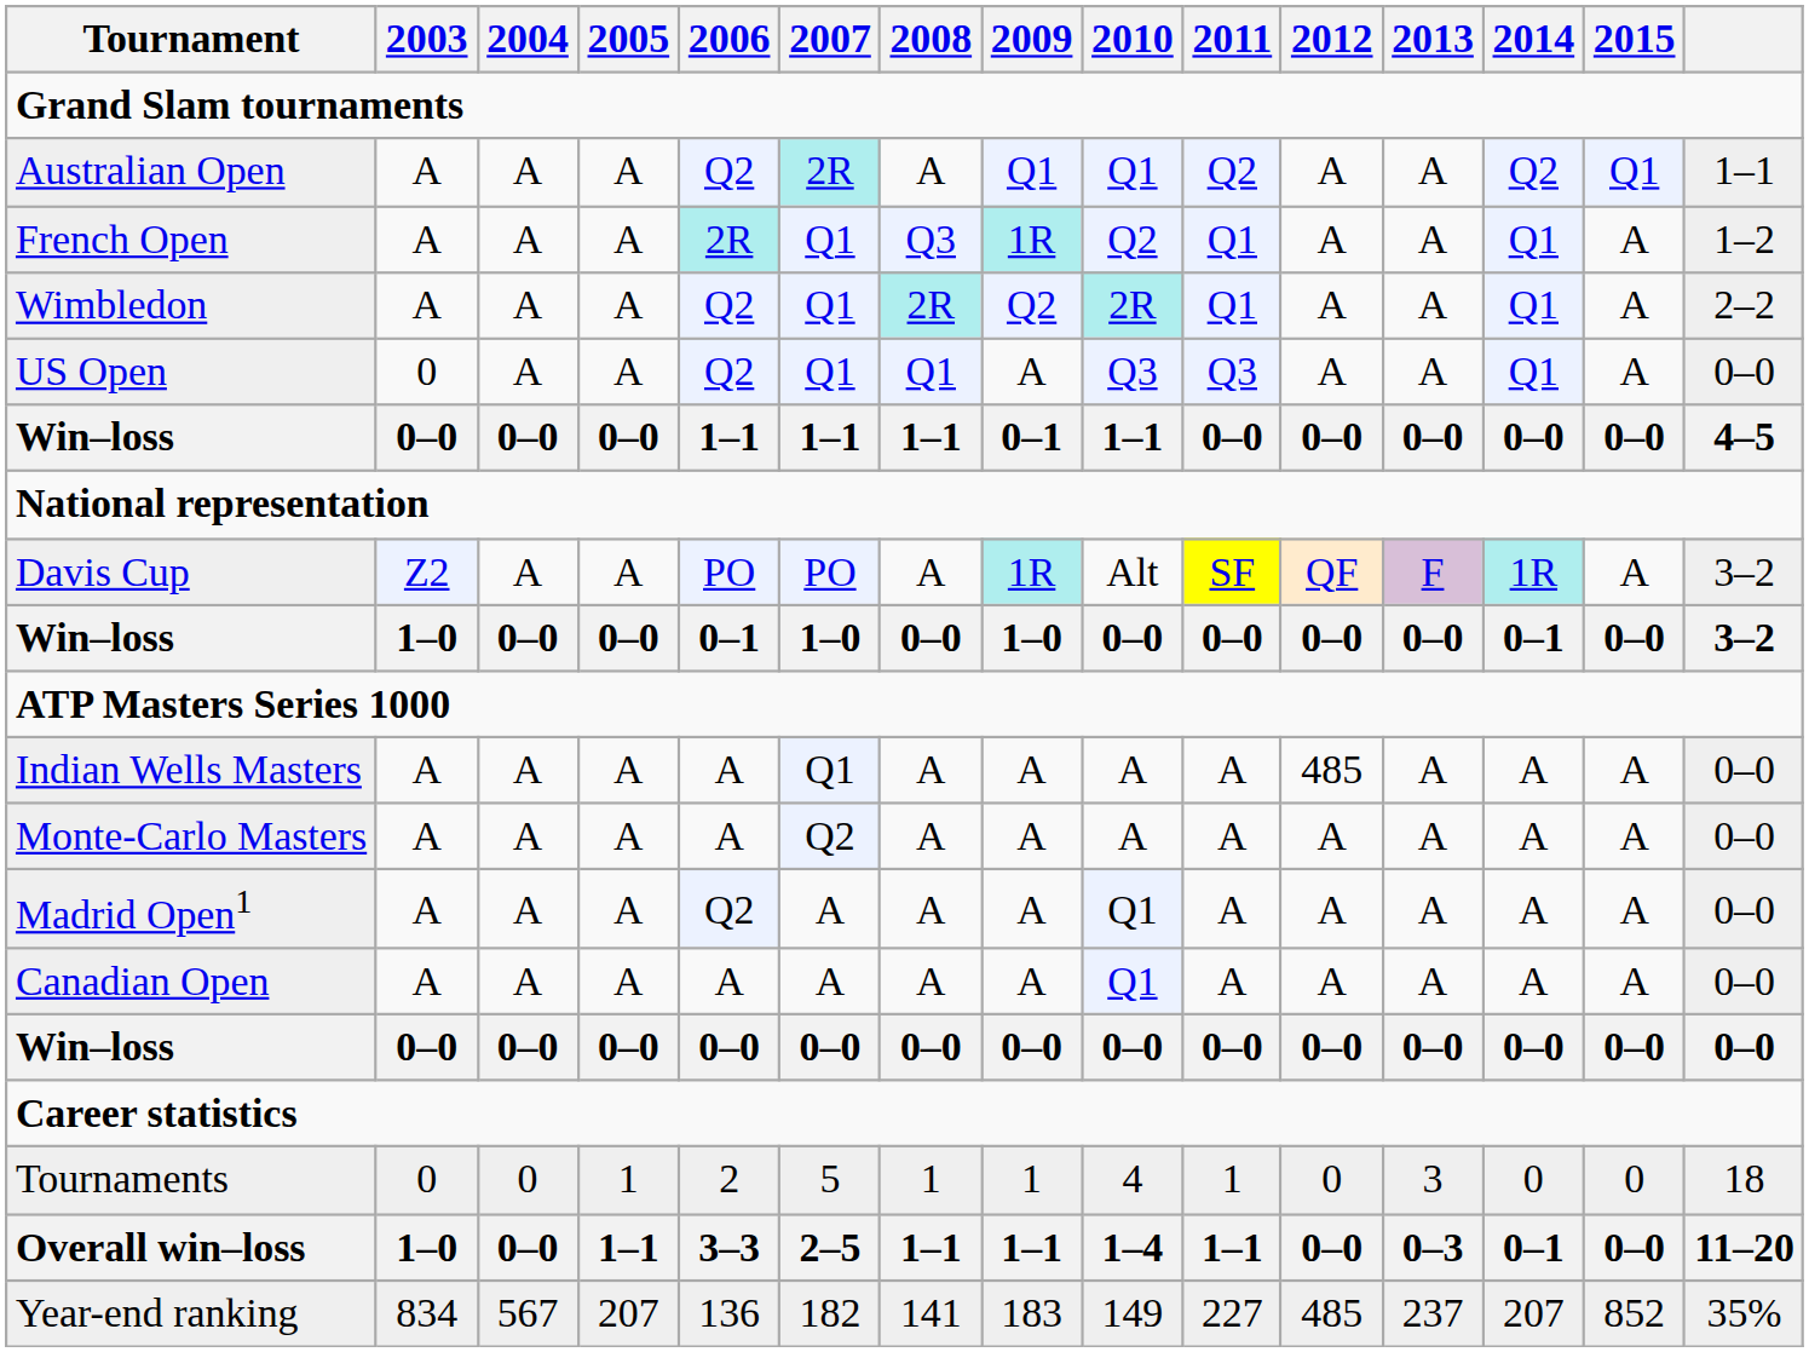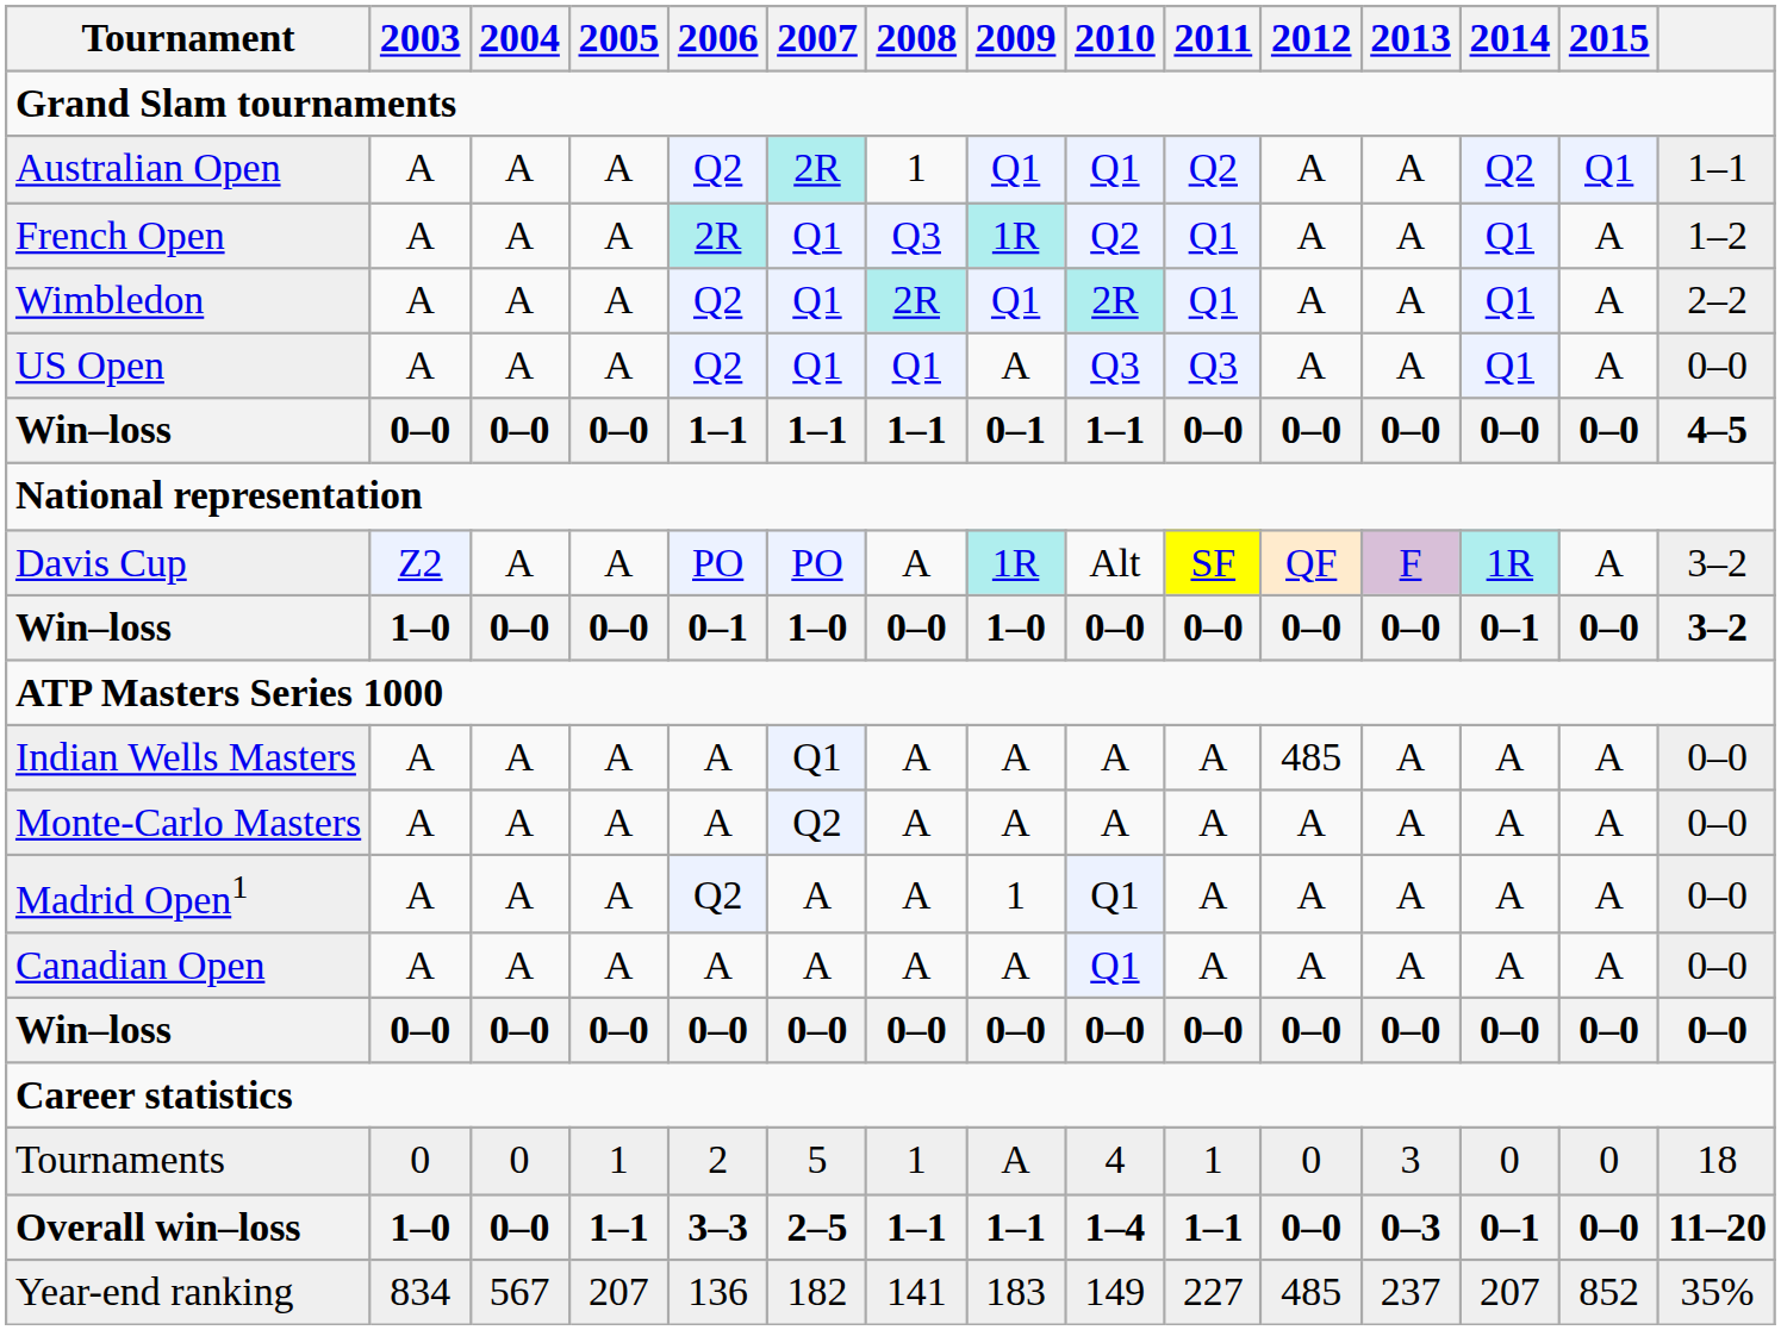 <table class=wikitable style=text-align:center;font-size:97%>
 <tr>
 <th>Tournament</th>
 <th><a href='#'>2003</a></th>
 <th><a href='#'>2004</a></th>
 <th><a href='#'>2005</a></th>
 <th><a href='#'>2006</a></th>
 <th><a href='#'>2007</a></th>
 <th><a href='#'>2008</a></th>
 <th><a href='#'>2009</a></th>
 <th><a href='#'>2010</a></th>
 <th><a href='#'>2011</a></th>
 <th><a href='#'>2012</a></th>
 <th><a href='#'>2013</a></th>
 <th><a href='#'>2014</a></th>
 <th><a href='#'>2015</a></th>
 <th></th>
 </tr>
 <tr>
 <td colspan=15 align=left><strong>Grand Slam tournaments</strong></td>
 </tr>
 <tr>
 <td bgcolor=efefef align=left><a href='#'>Australian Open</a></td>
 <td>A</td>
 <td>A</td>
 <td>A</td>
 <td bgcolor=ecf2ff><a href='#'>Q2</a></td>
 <td bgcolor=afeeee><a href='#'>2R</a></td>
-<td>A</td>
+<td>1</td>
 <td bgcolor=ecf2ff><a href='#'>Q1</a></td>
 <td bgcolor=ecf2ff><a href='#'>Q1</a></td>
 <td bgcolor=ecf2ff><a href='#'>Q2</a></td>
 <td>A</td>
 <td>A</td>
 <td bgcolor=ecf2ff><a href='#'>Q2</a></td>
 <td bgcolor=ecf2ff><a href='#'>Q1</a></td>
 <td bgcolor=efefef>1–1</td>
 </tr>
 <tr>
 <td bgcolor=efefef align=left><a href='#'>French Open</a></td>
 <td>A</td>
 <td>A</td>
 <td>A</td>
 <td bgcolor=afeeee><a href='#'>2R</a></td>
 <td bgcolor=ecf2ff><a href='#'>Q1</a></td>
 <td bgcolor=ecf2ff><a href='#'>Q3</a></td>
 <td bgcolor=afeeee><a href='#'>1R</a></td>
 <td bgcolor=ecf2ff><a href='#'>Q2</a></td>
 <td bgcolor=ecf2ff><a href='#'>Q1</a></td>
 <td>A</td>
 <td>A</td>
 <td bgcolor=ecf2ff><a href='#'>Q1</a></td>
 <td>A</td>
 <td bgcolor=efefef>1–2</td>
 </tr>
 <tr>
 <td bgcolor=efefef align=left><a href='#'>Wimbledon</a></td>
 <td>A</td>
 <td>A</td>
 <td>A</td>
 <td bgcolor=ecf2ff><a href='#'>Q2</a></td>
 <td bgcolor=ecf2ff><a href='#'>Q1</a></td>
 <td bgcolor=afeeee><a href='#'>2R</a></td>
-<td bgcolor=ecf2ff><a href='#'>Q2</a></td>
+<td bgcolor=ecf2ff><a href='#'>Q1</a></td>
 <td bgcolor=afeeee><a href='#'>2R</a></td>
 <td bgcolor=ecf2ff><a href='#'>Q1</a></td>
 <td>A</td>
 <td>A</td>
 <td bgcolor=ecf2ff><a href='#'>Q1</a></td>
 <td>A</td>
 <td bgcolor=efefef>2–2</td>
 </tr>
 <tr>
 <td bgcolor=efefef align=left><a href='#'>US Open</a></td>
-<td>0</td>
+<td>A</td>
 <td>A</td>
 <td>A</td>
 <td bgcolor=ecf2ff><a href='#'>Q2</a></td>
 <td bgcolor=ecf2ff><a href='#'>Q1</a></td>
 <td bgcolor=ecf2ff><a href='#'>Q1</a></td>
 <td>A</td>
 <td bgcolor=ecf2ff><a href='#'>Q3</a></td>
 <td bgcolor=ecf2ff><a href='#'>Q3</a></td>
 <td>A</td>
 <td>A</td>
 <td bgcolor=ecf2ff><a href='#'>Q1</a></td>
 <td>A</td>
 <td bgcolor=efefef>0–0</td>
 </tr>
 <tr>
 <th style=text-align:left>Win–loss</th>
 <th>0–0</th>
 <th>0–0</th>
 <th>0–0</th>
 <th>1–1</th>
 <th>1–1</th>
 <th>1–1</th>
 <th>0–1</th>
 <th>1–1</th>
 <th>0–0</th>
 <th>0–0</th>
 <th>0–0</th>
 <th>0–0</th>
 <th>0–0</th>
 <th>4–5</th>
 </tr>
 <tr>
 <td colspan=15 align=left><strong>National representation</strong></td>
 </tr>
 <tr>
 <td bgcolor=efefef align=left><a href='#'>Davis Cup</a></td>
 <td style="background:#ECF2FF;"><a href='#'>Z2</a></td>
 <td>A</td>
 <td>A</td>
 <td style="background:#ECF2FF;"><a href='#'>PO</a></td>
 <td style="background:#ECF2FF;"><a href='#'>PO</a></td>
 <td>A</td>
 <td bgcolor=afeeee><a href='#'>1R</a></td>
 <td>Alt</td>
 <td bgcolor=yellow><a href='#'>SF</a></td>
 <td bgcolor=ffebcd><a href='#'>QF</a></td>
 <td bgcolor=thistle><a href='#'>F</a></td>
 <td bgcolor=afeeee><a href='#'>1R</a></td>
 <td>A</td>
 <td bgcolor=efefef>3–2</td>
 </tr>
 <tr>
 <th style=text-align:left>Win–loss</th>
 <th>1–0</th>
 <th>0–0</th>
 <th>0–0</th>
 <th>0–1</th>
 <th>1–0</th>
 <th>0–0</th>
 <th>1–0</th>
 <th>0–0</th>
 <th>0–0</th>
 <th>0–0</th>
 <th>0–0</th>
 <th>0–1</th>
 <th>0–0</th>
 <th>3–2</th>
 </tr>
 <tr>
 <td colspan=15 align=left><strong>ATP Masters Series 1000</strong></td>
 </tr>
 <tr>
 <td bgcolor=efefef align=left><a href='#'>Indian Wells Masters</a></td>
 <td>A</td>
 <td>A</td>
 <td>A</td>
 <td>A</td>
 <td bgcolor=ecf2ff>Q1</td>
 <td>A</td>
 <td>A</td>
 <td>A</td>
 <td>A</td>
 <td>485</td>
 <td>A</td>
 <td>A</td>
 <td>A</td>
 <td bgcolor=efefef>0–0</td>
 </tr>
 <tr>
 <td bgcolor=efefef align=left><a href='#'>Monte-Carlo Masters</a></td>
 <td>A</td>
 <td>A</td>
 <td>A</td>
 <td>A</td>
 <td bgcolor=ecf2ff>Q2</td>
 <td>A</td>
 <td>A</td>
 <td>A</td>
 <td>A</td>
 <td>A</td>
 <td>A</td>
 <td>A</td>
 <td>A</td>
 <td bgcolor=efefef>0–0</td>
 </tr>
 <tr>
 <td bgcolor=efefef align=left><a href='#'>Madrid Open</a><sup>1</sup></td>
 <td>A</td>
 <td>A</td>
 <td>A</td>
 <td bgcolor=ecf2ff>Q2</td>
 <td>A</td>
 <td>A</td>
-<td>A</td>
+<td>1</td>
 <td bgcolor=ecf2ff>Q1</td>
 <td>A</td>
 <td>A</td>
 <td>A</td>
 <td>A</td>
 <td>A</td>
 <td bgcolor=efefef>0–0</td>
 </tr>
 <tr>
 <td bgcolor=efefef align=left><a href='#'>Canadian Open</a></td>
 <td>A</td>
 <td>A</td>
 <td>A</td>
 <td>A</td>
 <td>A</td>
 <td>A</td>
 <td>A</td>
 <td bgcolor=ecf2ff><a href='#'>Q1</a></td>
 <td>A</td>
 <td>A</td>
 <td>A</td>
 <td>A</td>
 <td>A</td>
 <td bgcolor=efefef>0–0</td>
 </tr>
 <tr>
 <th style=text-align:left>Win–loss</th>
 <th>0–0</th>
 <th>0–0</th>
 <th>0–0</th>
 <th>0–0</th>
 <th>0–0</th>
 <th>0–0</th>
 <th>0–0</th>
 <th>0–0</th>
 <th>0–0</th>
 <th>0–0</th>
 <th>0–0</th>
 <th>0–0</th>
 <th>0–0</th>
 <th>0–0</th>
 </tr>
 <tr>
 <td colspan="15" style="text-align:left"><strong>Career statistics</strong></td>
 </tr>
 <tr bgcolor=efefef>
 <td align=left>Tournaments</td>
 <td>0</td>
 <td>0</td>
 <td>1</td>
 <td>2</td>
 <td>5</td>
 <td>1</td>
-<td>1</td>
+<td>A</td>
 <td>4</td>
 <td>1</td>
 <td>0</td>
 <td>3</td>
 <td>0</td>
 <td>0</td>
 <td colspan=2>18</td>
 </tr>
 <tr>
 <th style=text-align:left>Overall win–loss</th>
 <th>1–0</th>
 <th>0–0</th>
 <th>1–1</th>
 <th>3–3</th>
 <th>2–5</th>
 <th>1–1</th>
 <th>1–1</th>
 <th>1–4</th>
 <th>1–1</th>
 <th>0–0</th>
 <th>0–3</th>
 <th>0–1</th>
 <th>0–0</th>
 <th colspan=2>11–20</th>
 </tr>
 <tr bgcolor=efefef>
 <td align=left>Year-end ranking</td>
 <td>834</td>
 <td>567</td>
 <td>207</td>
 <td>136</td>
 <td>182</td>
 <td>141</td>
 <td>183</td>
 <td>149</td>
 <td>227</td>
 <td>485</td>
 <td>237</td>
 <td>207</td>
 <td>852</td>
 <td colspan=2>35%</td>
 </tr>
 </table>
